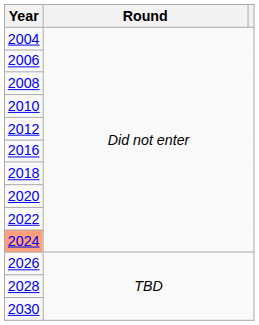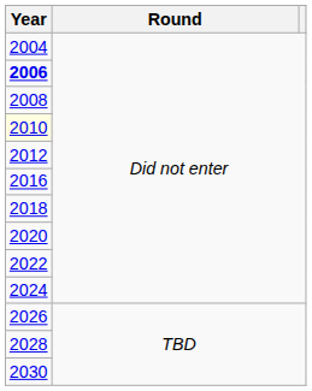 <table class="wikitable" style="text-align: center; font-size:90%">
 <tr>
 <th>Year</th>
 <th style="width:200px">Round</th>
 <th></th>
 </tr>
 <tr>
 <td><a href='#'>2004</a></td>
 <td colspan="2" rowspan="10"><em>Did not enter</em></td>
 </tr>
 <tr>
-<td><a href='#'>2006</a></td>
+<td><strong><a href='#'>2006</a></strong></td>
 </tr>
 <tr>
 <td><a href='#'>2008</a></td>
 </tr>
 <tr>
-<td><a href='#'>2010</a></td>
+<td style="background: lightyellow;"><a href='#'>2010</a></td>
 </tr>
 <tr>
 <td><a href='#'>2012</a></td>
 </tr>
 <tr>
 <td><a href='#'>2016</a></td>
 </tr>
 <tr>
 <td><a href='#'>2018</a></td>
 </tr>
 <tr>
 <td><a href='#'>2020</a></td>
 </tr>
 <tr>
 <td><a href='#'>2022</a></td>
 </tr>
 <tr>
-<td style="background: lightsalmon;"><a href='#'>2024</a></td>
+<td><a href='#'>2024</a></td>
 </tr>
 <tr>
 <td><a href='#'>2026</a></td>
 <td colspan="2" rowspan="3"><em>TBD</em></td>
 </tr>
 <tr>
 <td><a href='#'>2028</a></td>
 </tr>
 <tr>
 <td><a href='#'>2030</a></td>
 </tr>
 </table>
